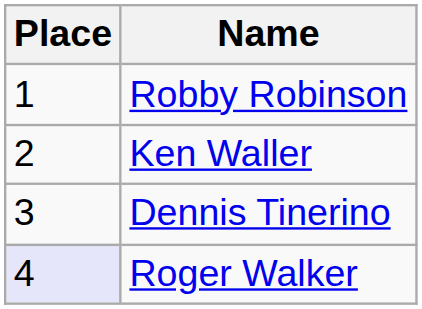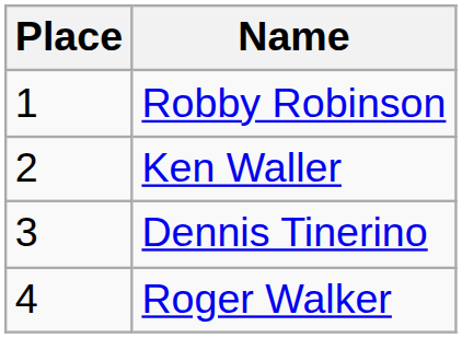 <table class="wikitable">
 <tr>
 <th>Place</th>
 <th>Name</th>
 </tr>
 <tr>
 <td>1</td>
 <td> <a href='#'>Robby Robinson</a></td>
 </tr>
 <tr>
 <td>2</td>
 <td> <a href='#'>Ken Waller</a></td>
 </tr>
 <tr>
 <td>3</td>
 <td> <a href='#'>Dennis Tinerino</a></td>
 </tr>
 <tr>
-<td style="background: lavender;">4</td>
+<td>4</td>
 <td> <a href='#'>Roger Walker</a></td>
 </tr>
 </table>
